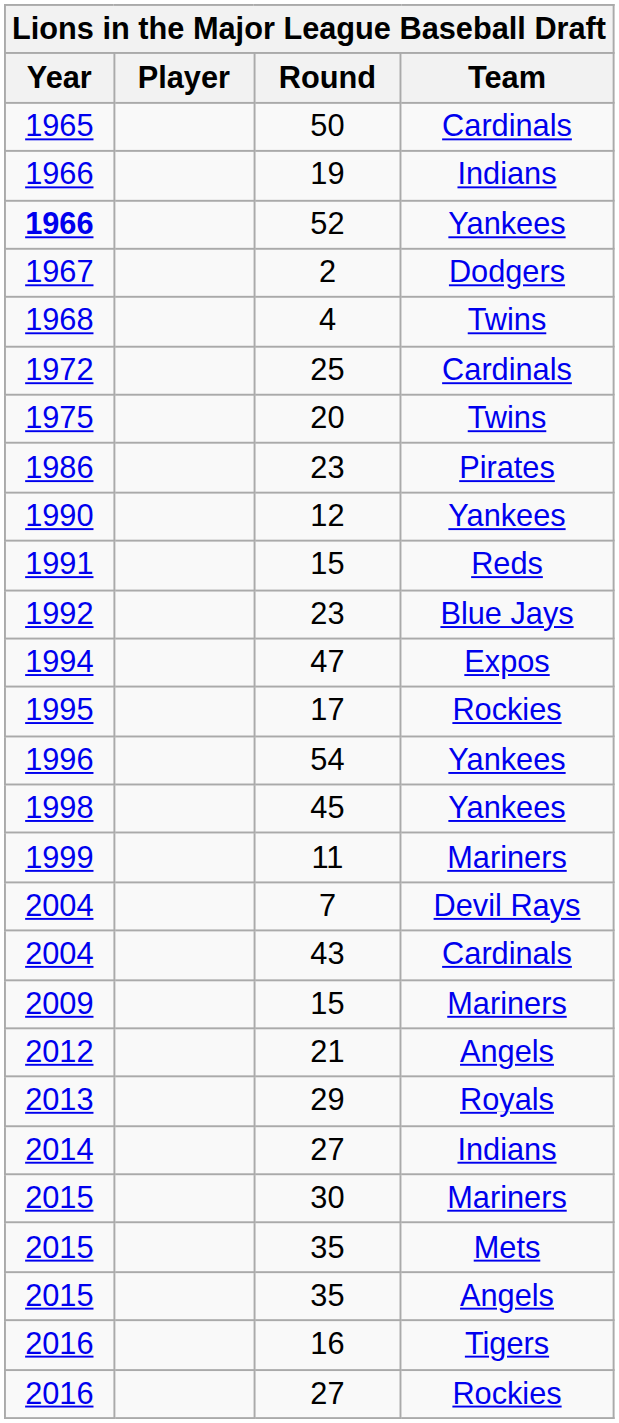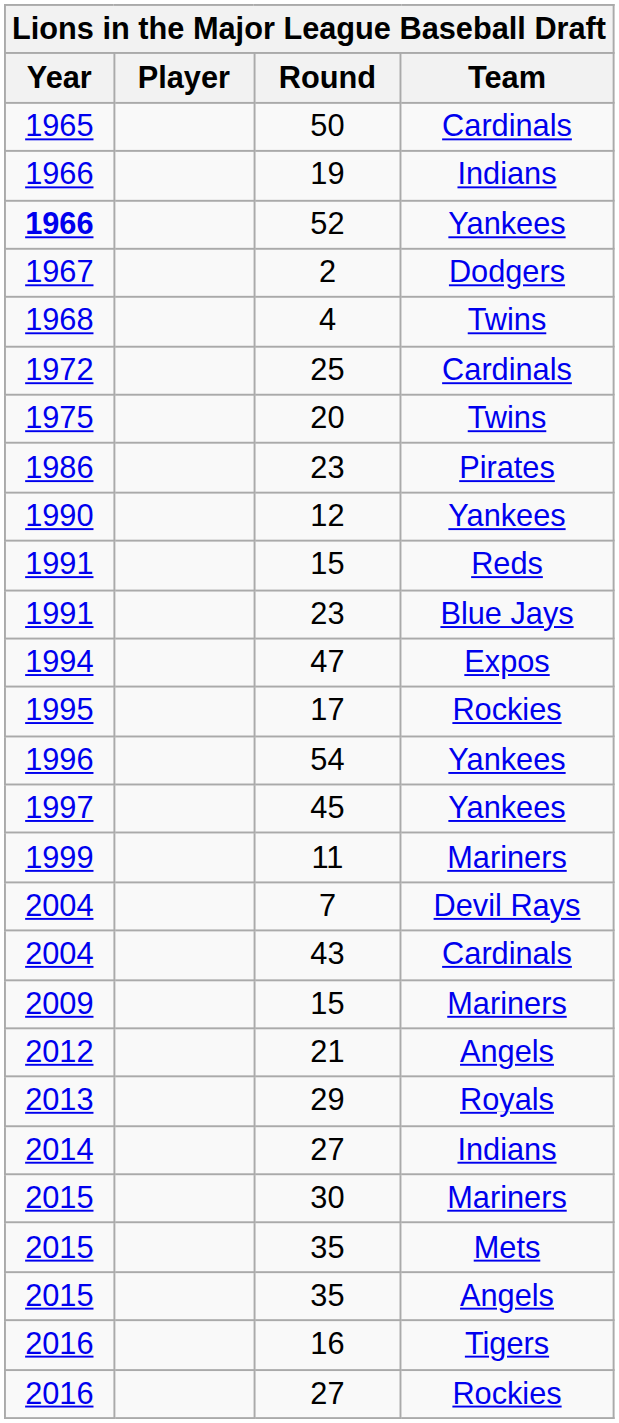 <table class="wikitable sortable collapsible collapsed" style="text-align:center">
 <tr>
 <th colspan=4>Lions in the Major League Baseball Draft</th>
 </tr>
 <tr>
 <th>Year</th>
 <th>Player</th>
 <th>Round</th>
 <th>Team</th>
 </tr>
 <tr>
 <td><a href='#'>1965</a></td>
 <td></td>
 <td>50</td>
 <td><a href='#'>Cardinals</a></td>
 </tr>
 <tr>
 <td><a href='#'>1966</a></td>
 <td></td>
 <td>19</td>
 <td><a href='#'>Indians</a></td>
 </tr>
 <tr>
 <td><strong><a href='#'>1966</a></strong></td>
 <td></td>
 <td>52</td>
 <td><a href='#'>Yankees</a></td>
 </tr>
 <tr>
 <td><a href='#'>1967</a></td>
 <td></td>
 <td>2</td>
 <td><a href='#'>Dodgers</a></td>
 </tr>
 <tr>
 <td><a href='#'>1968</a></td>
 <td></td>
 <td>4</td>
 <td><a href='#'>Twins</a></td>
 </tr>
 <tr>
 <td><a href='#'>1972</a></td>
 <td></td>
 <td>25</td>
 <td><a href='#'>Cardinals</a></td>
 </tr>
 <tr>
 <td><a href='#'>1975</a></td>
 <td></td>
 <td>20</td>
 <td><a href='#'>Twins</a></td>
 </tr>
 <tr>
 <td><a href='#'>1986</a></td>
 <td></td>
 <td>23</td>
 <td><a href='#'>Pirates</a></td>
 </tr>
 <tr>
 <td><a href='#'>1990</a></td>
 <td></td>
 <td>12</td>
 <td><a href='#'>Yankees</a></td>
 </tr>
 <tr>
 <td><a href='#'>1991</a></td>
 <td></td>
 <td>15</td>
 <td><a href='#'>Reds</a></td>
 </tr>
 <tr>
-<td><a href='#'>1992</a></td>
+<td><a href='#'>1991</a></td>
 <td></td>
 <td>23</td>
 <td><a href='#'>Blue Jays</a></td>
 </tr>
 <tr>
 <td><a href='#'>1994</a></td>
 <td></td>
 <td>47</td>
 <td><a href='#'>Expos</a></td>
 </tr>
 <tr>
 <td><a href='#'>1995</a></td>
 <td></td>
 <td>17</td>
 <td><a href='#'>Rockies</a></td>
 </tr>
 <tr>
 <td><a href='#'>1996</a></td>
 <td></td>
 <td>54</td>
 <td><a href='#'>Yankees</a></td>
 </tr>
 <tr>
-<td><a href='#'>1998</a></td>
+<td><a href='#'>1997</a></td>
 <td></td>
 <td>45</td>
 <td><a href='#'>Yankees</a></td>
 </tr>
 <tr>
 <td><a href='#'>1999</a></td>
 <td></td>
 <td>11</td>
 <td><a href='#'>Mariners</a></td>
 </tr>
 <tr>
 <td><a href='#'>2004</a></td>
 <td></td>
 <td>7</td>
 <td><a href='#'>Devil Rays</a></td>
 </tr>
 <tr>
 <td><a href='#'>2004</a></td>
 <td></td>
 <td>43</td>
 <td><a href='#'>Cardinals</a></td>
 </tr>
 <tr>
 <td><a href='#'>2009</a></td>
 <td></td>
 <td>15</td>
 <td><a href='#'>Mariners</a></td>
 </tr>
 <tr>
 <td><a href='#'>2012</a></td>
 <td></td>
 <td>21</td>
 <td><a href='#'>Angels</a></td>
 </tr>
 <tr>
 <td><a href='#'>2013</a></td>
 <td></td>
 <td>29</td>
 <td><a href='#'>Royals</a></td>
 </tr>
 <tr>
 <td><a href='#'>2014</a></td>
 <td></td>
 <td>27</td>
 <td><a href='#'>Indians</a></td>
 </tr>
 <tr>
 <td><a href='#'>2015</a></td>
 <td></td>
 <td>30</td>
 <td><a href='#'>Mariners</a></td>
 </tr>
 <tr>
 <td><a href='#'>2015</a></td>
 <td></td>
 <td>35</td>
 <td><a href='#'>Mets</a></td>
 </tr>
 <tr>
 <td><a href='#'>2015</a></td>
 <td></td>
 <td>35</td>
 <td><a href='#'>Angels</a></td>
 </tr>
 <tr>
 <td><a href='#'>2016</a></td>
 <td></td>
 <td>16</td>
 <td><a href='#'>Tigers</a></td>
 </tr>
 <tr>
 <td><a href='#'>2016</a></td>
 <td></td>
 <td>27</td>
 <td><a href='#'>Rockies</a></td>
 </tr>
 </table>
